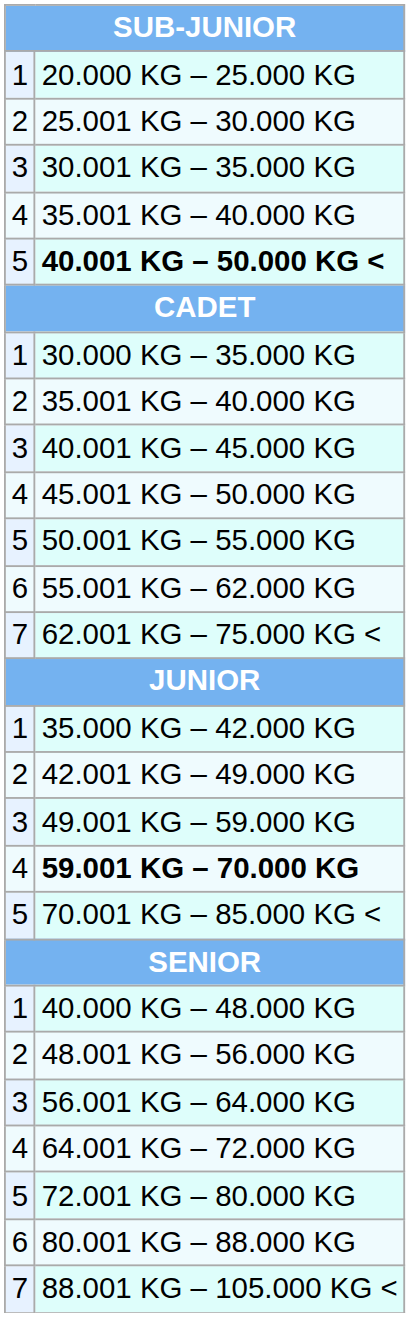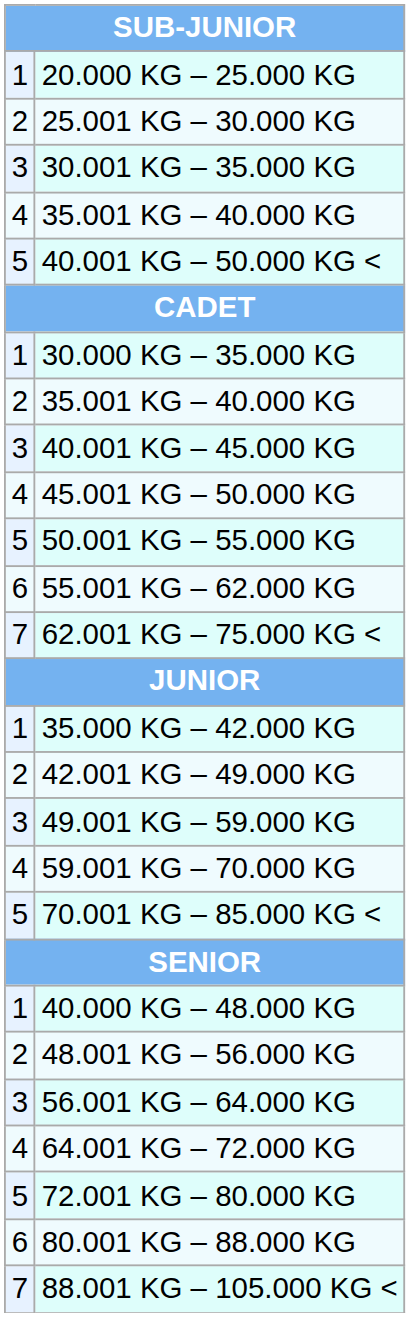 <table class="wikitable">
 <tr>
 <td colspan="6" style="text-align:center; color:white;" bgcolor="#74b2f0"><strong>SUB-JUNIOR</strong></td>
 </tr>
 <tr>
 <td style="text-align:center; background-color: #e7f2ff;">1</td>
 <td style="background-color: #defefb;">20.000 KG – 25.000 KG</td>
 </tr>
 <tr>
 <td style="text-align:center; background-color: #effbfe;">2</td>
 <td style="background-color: #effbfe;">25.001 KG – 30.000 KG</td>
 </tr>
 <tr>
 <td style="text-align:center; background-color: #e7f2ff;">3</td>
 <td style="background-color: #defefb;">30.001 KG – 35.000 KG</td>
 </tr>
 <tr>
 <td style="text-align:center; background-color: #effbfe;">4</td>
 <td style="background-color: #effbfe;">35.001 KG – 40.000 KG</td>
 </tr>
 <tr>
 <td style="text-align:center; background-color: #e7f2ff;">5</td>
-<td style="background-color: #defefb;"><strong>40.001 KG – 50.000 KG <</strong></td>
+<td style="background-color: #defefb;">40.001 KG – 50.000 KG <</td>
 </tr>
 <tr>
 <td colspan="6" style="text-align:center; color:white;" bgcolor="#74b2f0"><strong>CADET</strong></td>
 </tr>
 <tr>
 <td style="text-align:center; background-color: #e7f2ff;">1</td>
 <td style="background-color: #defefb;">30.000 KG – 35.000 KG</td>
 </tr>
 <tr>
 <td style="text-align:center; background-color: #effbfe;">2</td>
 <td style="background-color: #effbfe;">35.001 KG – 40.000 KG</td>
 </tr>
 <tr>
 <td style="text-align:center; background-color: #e7f2ff;">3</td>
 <td style="background-color: #defefb;">40.001 KG – 45.000 KG</td>
 </tr>
 <tr>
 <td style="text-align:center; background-color: #effbfe;">4</td>
 <td style="background-color: #effbfe;">45.001 KG – 50.000 KG</td>
 </tr>
 <tr>
 <td style="text-align:center; background-color: #e7f2ff;">5</td>
 <td style="background-color: #defefb;">50.001 KG – 55.000 KG</td>
 </tr>
 <tr>
 <td style="text-align:center; background-color: #effbfe;">6</td>
 <td style="background-color: #effbfe;">55.001 KG – 62.000 KG</td>
 </tr>
 <tr>
 <td style="text-align:center; background-color: #e7f2ff;">7</td>
 <td style="background-color: #defefb;">62.001 KG – 75.000 KG <</td>
 </tr>
 <tr>
 <td colspan="6" style="text-align:center; color:white;" bgcolor="#74b2f0"><strong>JUNIOR</strong></td>
 </tr>
 <tr>
 <td style="text-align:center; background-color: #e7f2ff;">1</td>
 <td style="background-color: #defefb;">35.000 KG – 42.000 KG</td>
 </tr>
 <tr>
 <td style="text-align:center; background-color: #effbfe;">2</td>
 <td style="background-color: #effbfe;">42.001 KG – 49.000 KG</td>
 </tr>
 <tr>
 <td style="text-align:center; background-color: #e7f2ff;">3</td>
 <td style="background-color: #defefb;">49.001 KG – 59.000 KG</td>
 </tr>
 <tr>
 <td style="text-align:center; background-color: #effbfe;">4</td>
-<td style="background-color: #effbfe;"><strong>59.001 KG – 70.000 KG</strong></td>
+<td style="background-color: #effbfe;">59.001 KG – 70.000 KG</td>
 </tr>
 <tr>
 <td style="text-align:center; background-color: #e7f2ff;">5</td>
 <td style="background-color: #defefb;">70.001 KG – 85.000 KG <</td>
 </tr>
 <tr>
 <td colspan="6" style="text-align:center; color:white;" bgcolor="#74b2f0"><strong>SENIOR</strong></td>
 </tr>
 <tr>
 <td style="text-align:center; background-color: #e7f2ff;">1</td>
 <td style="background-color: #defefb;">40.000 KG – 48.000 KG</td>
 </tr>
 <tr>
 <td style="text-align:center; background-color: #effbfe;">2</td>
 <td style="background-color: #effbfe;">48.001 KG – 56.000 KG</td>
 </tr>
 <tr>
 <td style="text-align:center; background-color: #e7f2ff;">3</td>
 <td style="background-color: #defefb;">56.001 KG – 64.000 KG</td>
 </tr>
 <tr>
 <td style="text-align:center; background-color: #effbfe;">4</td>
 <td style="background-color: #effbfe;">64.001 KG – 72.000 KG</td>
 </tr>
 <tr>
 <td style="text-align:center; background-color: #e7f2ff;">5</td>
 <td style="background-color: #defefb;">72.001 KG – 80.000 KG</td>
 </tr>
 <tr>
 <td style="text-align:center; background-color: #effbfe;">6</td>
 <td style="background-color: #effbfe;">80.001 KG – 88.000 KG</td>
 </tr>
 <tr>
 <td style="text-align:center; background-color: #e7f2ff;">7</td>
 <td style="background-color: #defefb;">88.001 KG – 105.000 KG <</td>
 </tr>
 </table>
